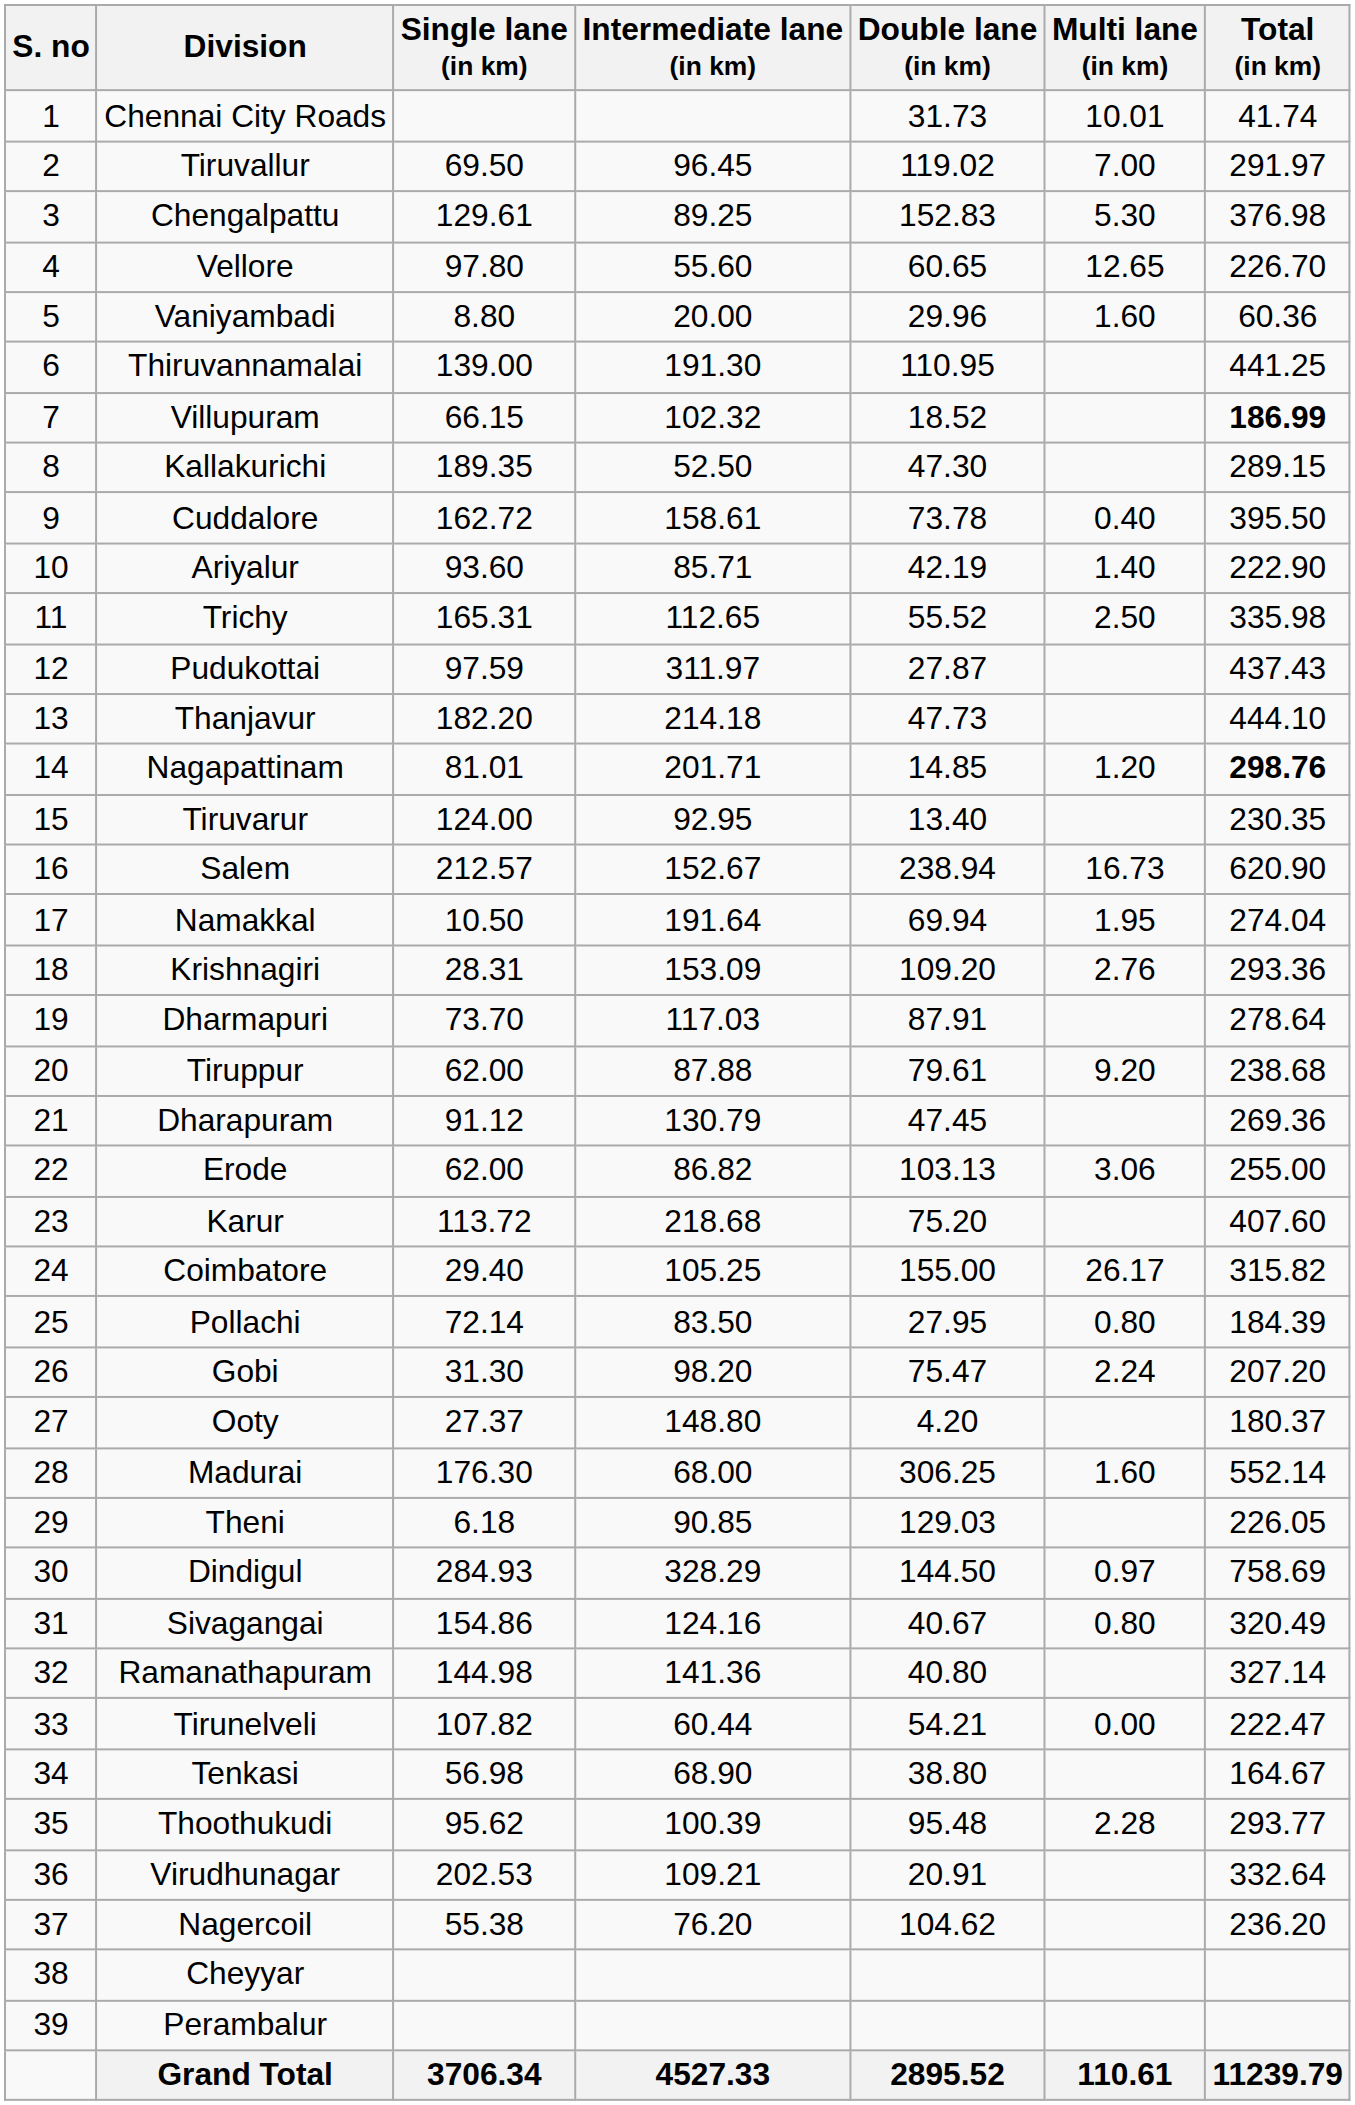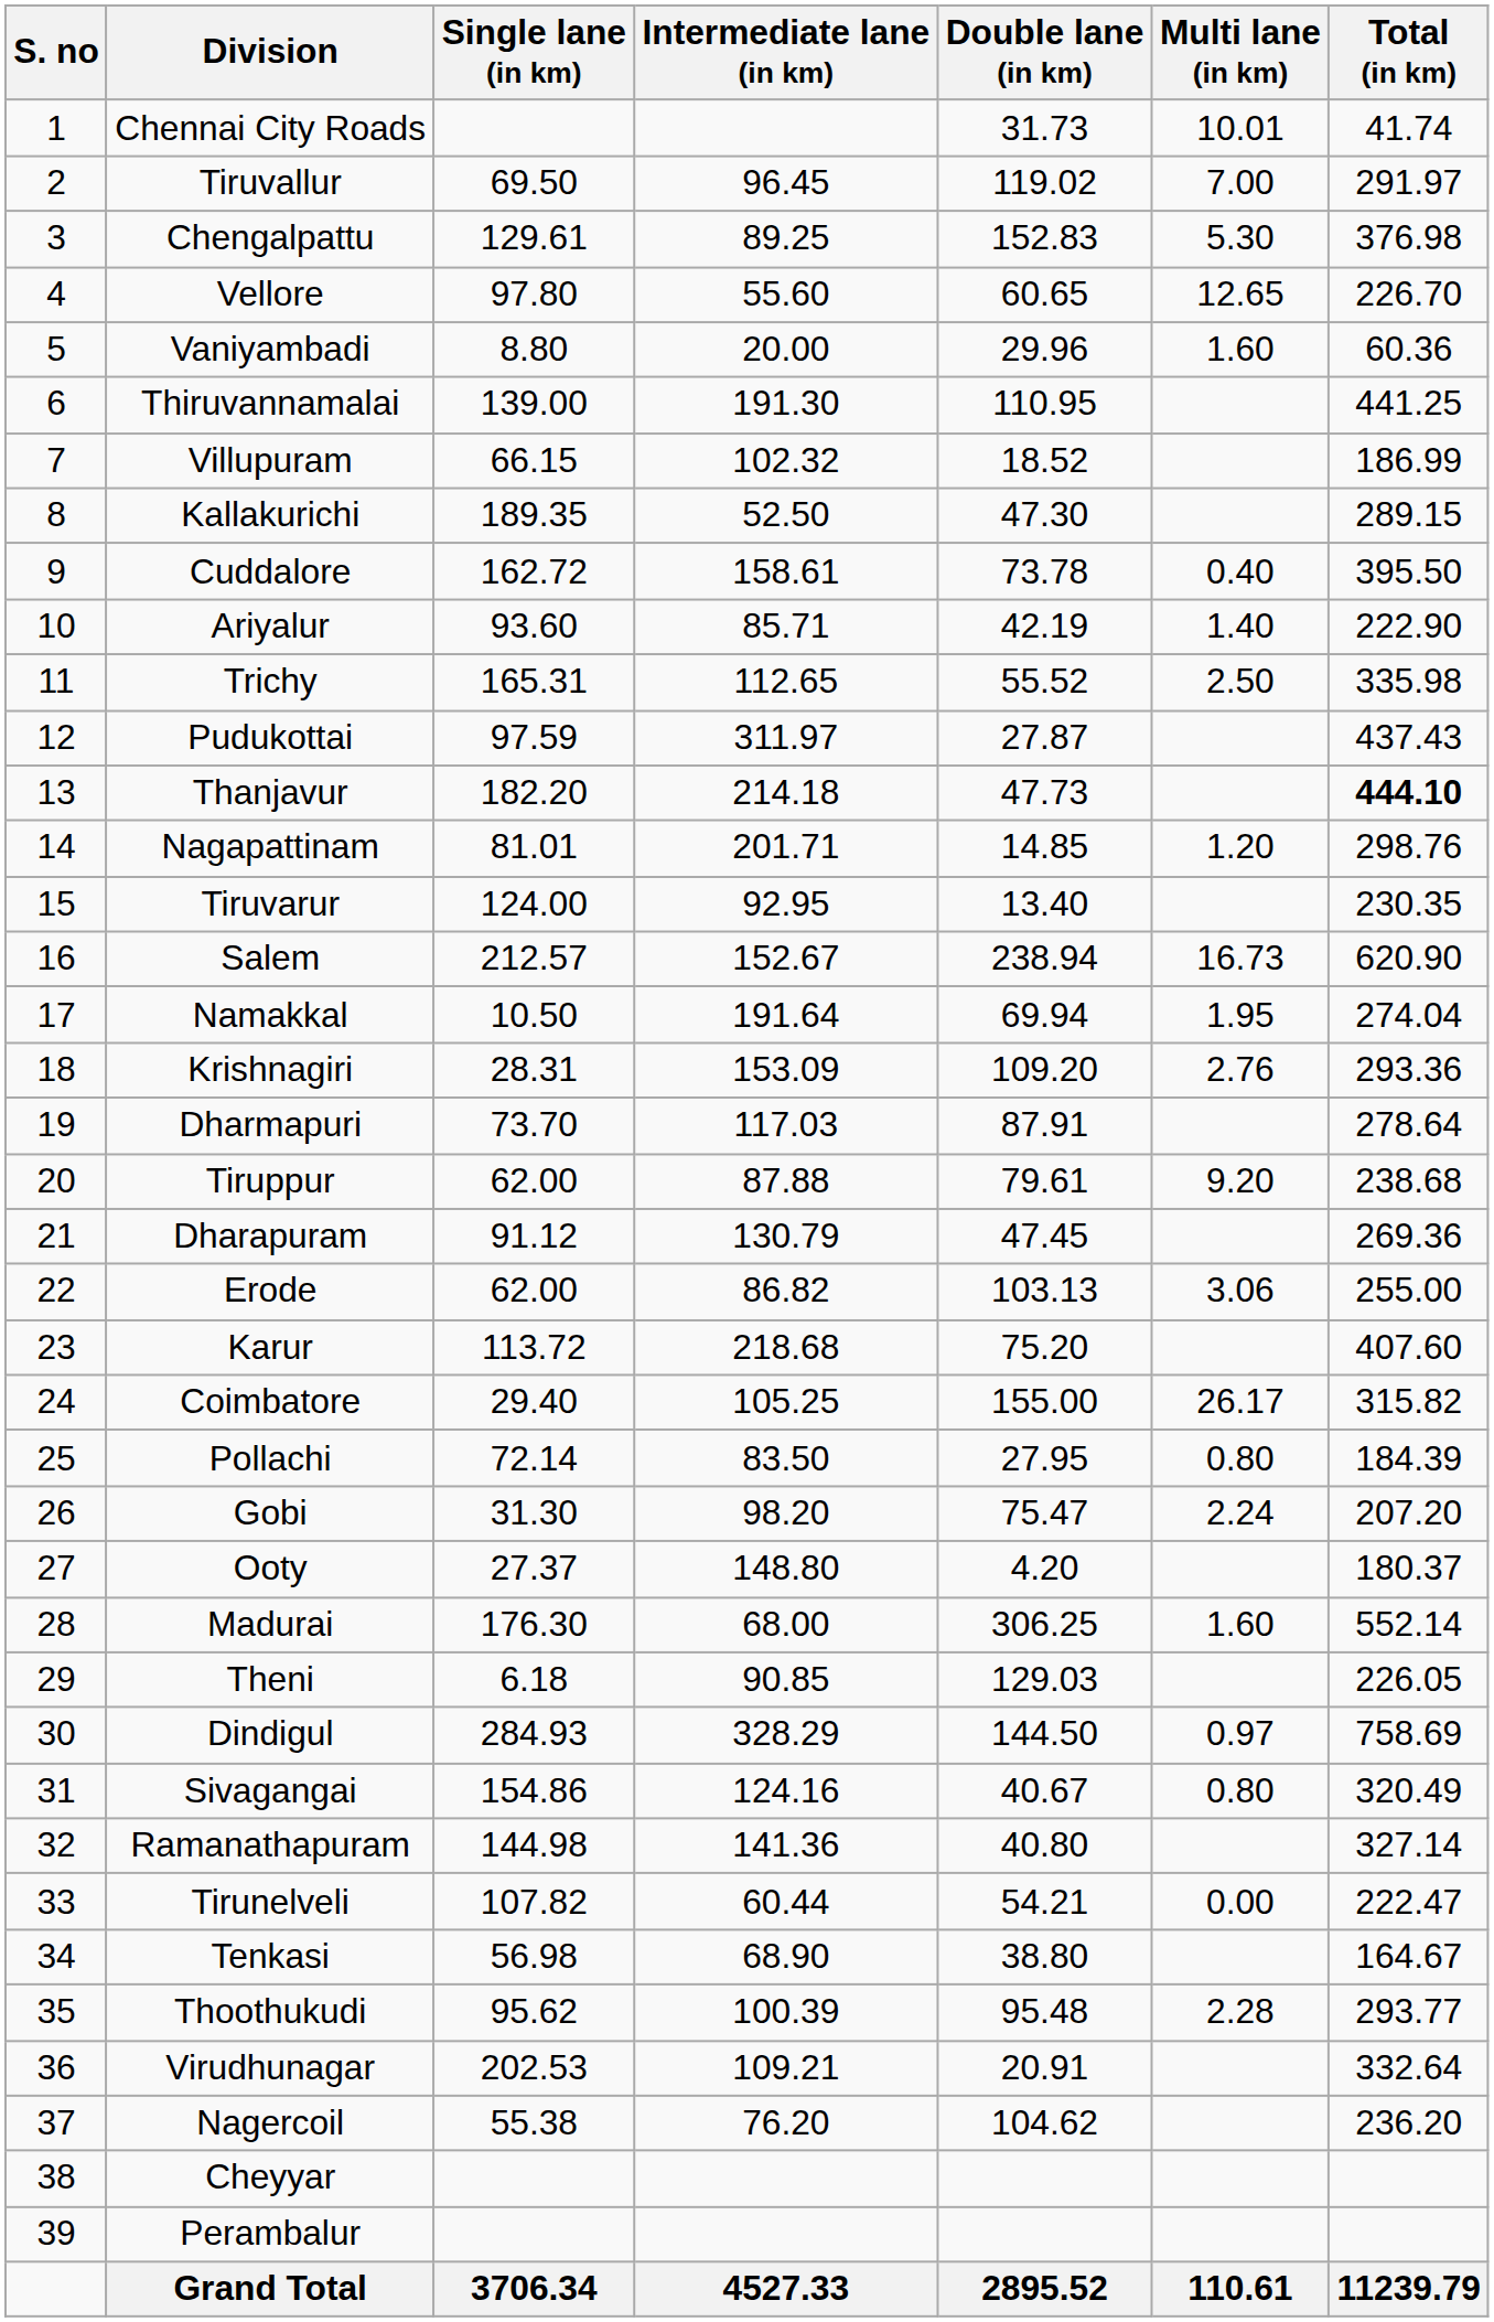 <table class="wikitable sortable" style="text-align: center; vertical-align: center;">
 <tr>
 <th>S. no</th>
 <th>Division</th>
 <th>Single lane <br> <small> (in km)</small></th>
 <th>Intermediate lane<br><small> (in km)</small></th>
 <th>Double lane<br> <small> (in km)</small></th>
 <th>Multi lane<br> <small> (in km)</small></th>
 <th>Total<br> <small> (in km)</small></th>
 </tr>
 <tr>
 <td>1</td>
 <td>Chennai City Roads</td>
 <td></td>
 <td></td>
 <td>31.73</td>
 <td>10.01</td>
 <td>41.74</td>
 </tr>
 <tr>
 <td>2</td>
 <td>Tiruvallur</td>
 <td>69.50</td>
 <td>96.45</td>
 <td>119.02</td>
 <td>7.00</td>
 <td>291.97</td>
 </tr>
 <tr>
 <td>3</td>
 <td>Chengalpattu</td>
 <td>129.61</td>
 <td>89.25</td>
 <td>152.83</td>
 <td>5.30</td>
 <td>376.98</td>
 </tr>
 <tr>
 <td>4</td>
 <td>Vellore</td>
 <td>97.80</td>
 <td>55.60</td>
 <td>60.65</td>
 <td>12.65</td>
 <td>226.70</td>
 </tr>
 <tr>
 <td>5</td>
 <td>Vaniyambadi</td>
 <td>8.80</td>
 <td>20.00</td>
 <td>29.96</td>
 <td>1.60</td>
 <td>60.36</td>
 </tr>
 <tr>
 <td>6</td>
 <td>Thiruvannamalai</td>
 <td>139.00</td>
 <td>191.30</td>
 <td>110.95</td>
 <td></td>
 <td>441.25</td>
 </tr>
 <tr>
 <td>7</td>
 <td>Villupuram</td>
 <td>66.15</td>
 <td>102.32</td>
 <td>18.52</td>
 <td></td>
-<td><strong>186.99</strong></td>
+<td>186.99</td>
 </tr>
 <tr>
 <td>8</td>
 <td>Kallakurichi</td>
 <td>189.35</td>
 <td>52.50</td>
 <td>47.30</td>
 <td></td>
 <td>289.15</td>
 </tr>
 <tr>
 <td>9</td>
 <td>Cuddalore</td>
 <td>162.72</td>
 <td>158.61</td>
 <td>73.78</td>
 <td>0.40</td>
 <td>395.50</td>
 </tr>
 <tr>
 <td>10</td>
 <td>Ariyalur</td>
 <td>93.60</td>
 <td>85.71</td>
 <td>42.19</td>
 <td>1.40</td>
 <td>222.90</td>
 </tr>
 <tr>
 <td>11</td>
 <td>Trichy</td>
 <td>165.31</td>
 <td>112.65</td>
 <td>55.52</td>
 <td>2.50</td>
 <td>335.98</td>
 </tr>
 <tr>
 <td>12</td>
 <td>Pudukottai</td>
 <td>97.59</td>
 <td>311.97</td>
 <td>27.87</td>
 <td></td>
 <td>437.43</td>
 </tr>
 <tr>
 <td>13</td>
 <td>Thanjavur</td>
 <td>182.20</td>
 <td>214.18</td>
 <td>47.73</td>
 <td></td>
-<td>444.10</td>
+<td><strong>444.10</strong></td>
 </tr>
 <tr>
 <td>14</td>
 <td>Nagapattinam</td>
 <td>81.01</td>
 <td>201.71</td>
 <td>14.85</td>
 <td>1.20</td>
-<td><strong>298.76</strong></td>
+<td>298.76</td>
 </tr>
 <tr>
 <td>15</td>
 <td>Tiruvarur</td>
 <td>124.00</td>
 <td>92.95</td>
 <td>13.40</td>
 <td></td>
 <td>230.35</td>
 </tr>
 <tr>
 <td>16</td>
 <td>Salem</td>
 <td>212.57</td>
 <td>152.67</td>
 <td>238.94</td>
 <td>16.73</td>
 <td>620.90</td>
 </tr>
 <tr>
 <td>17</td>
 <td>Namakkal</td>
 <td>10.50</td>
 <td>191.64</td>
 <td>69.94</td>
 <td>1.95</td>
 <td>274.04</td>
 </tr>
 <tr>
 <td>18</td>
 <td>Krishnagiri</td>
 <td>28.31</td>
 <td>153.09</td>
 <td>109.20</td>
 <td>2.76</td>
 <td>293.36</td>
 </tr>
 <tr>
 <td>19</td>
 <td>Dharmapuri</td>
 <td>73.70</td>
 <td>117.03</td>
 <td>87.91</td>
 <td></td>
 <td>278.64</td>
 </tr>
 <tr>
 <td>20</td>
 <td>Tiruppur</td>
 <td>62.00</td>
 <td>87.88</td>
 <td>79.61</td>
 <td>9.20</td>
 <td>238.68</td>
 </tr>
 <tr>
 <td>21</td>
 <td>Dharapuram</td>
 <td>91.12</td>
 <td>130.79</td>
 <td>47.45</td>
 <td></td>
 <td>269.36</td>
 </tr>
 <tr>
 <td>22</td>
 <td>Erode</td>
 <td>62.00</td>
 <td>86.82</td>
 <td>103.13</td>
 <td>3.06</td>
 <td>255.00</td>
 </tr>
 <tr>
 <td>23</td>
 <td>Karur</td>
 <td>113.72</td>
 <td>218.68</td>
 <td>75.20</td>
 <td></td>
 <td>407.60</td>
 </tr>
 <tr>
 <td>24</td>
 <td>Coimbatore</td>
 <td>29.40</td>
 <td>105.25</td>
 <td>155.00</td>
 <td>26.17</td>
 <td>315.82</td>
 </tr>
 <tr>
 <td>25</td>
 <td>Pollachi</td>
 <td>72.14</td>
 <td>83.50</td>
 <td>27.95</td>
 <td>0.80</td>
 <td>184.39</td>
 </tr>
 <tr>
 <td>26</td>
 <td>Gobi</td>
 <td>31.30</td>
 <td>98.20</td>
 <td>75.47</td>
 <td>2.24</td>
 <td>207.20</td>
 </tr>
 <tr>
 <td>27</td>
 <td>Ooty</td>
 <td>27.37</td>
 <td>148.80</td>
 <td>4.20</td>
 <td></td>
 <td>180.37</td>
 </tr>
 <tr>
 <td>28</td>
 <td>Madurai</td>
 <td>176.30</td>
 <td>68.00</td>
 <td>306.25</td>
 <td>1.60</td>
 <td>552.14</td>
 </tr>
 <tr>
 <td>29</td>
 <td>Theni</td>
 <td>6.18</td>
 <td>90.85</td>
 <td>129.03</td>
 <td></td>
 <td>226.05</td>
 </tr>
 <tr>
 <td>30</td>
 <td>Dindigul</td>
 <td>284.93</td>
 <td>328.29</td>
 <td>144.50</td>
 <td>0.97</td>
 <td>758.69</td>
 </tr>
 <tr>
 <td>31</td>
 <td>Sivagangai</td>
 <td>154.86</td>
 <td>124.16</td>
 <td>40.67</td>
 <td>0.80</td>
 <td>320.49</td>
 </tr>
 <tr>
 <td>32</td>
 <td>Ramanathapuram</td>
 <td>144.98</td>
 <td>141.36</td>
 <td>40.80</td>
 <td></td>
 <td>327.14</td>
 </tr>
 <tr>
 <td>33</td>
 <td>Tirunelveli</td>
 <td>107.82</td>
 <td>60.44</td>
 <td>54.21</td>
 <td>0.00</td>
 <td>222.47</td>
 </tr>
 <tr>
 <td>34</td>
 <td>Tenkasi</td>
 <td>56.98</td>
 <td>68.90</td>
 <td>38.80</td>
 <td></td>
 <td>164.67</td>
 </tr>
 <tr>
 <td>35</td>
 <td>Thoothukudi</td>
 <td>95.62</td>
 <td>100.39</td>
 <td>95.48</td>
 <td>2.28</td>
 <td>293.77</td>
 </tr>
 <tr>
 <td>36</td>
 <td>Virudhunagar</td>
 <td>202.53</td>
 <td>109.21</td>
 <td>20.91</td>
 <td></td>
 <td>332.64</td>
 </tr>
 <tr>
 <td>37</td>
 <td>Nagercoil</td>
 <td>55.38</td>
 <td>76.20</td>
 <td>104.62</td>
 <td></td>
 <td>236.20</td>
 </tr>
 <tr>
 <td>38</td>
 <td>Cheyyar</td>
 <td></td>
 <td></td>
 <td></td>
 <td></td>
 <td></td>
 </tr>
 <tr>
 <td>39</td>
 <td>Perambalur</td>
 <td></td>
 <td></td>
 <td></td>
 <td></td>
 <td></td>
 </tr>
 <tr>
 <td></td>
 <th>Grand Total</th>
 <th>3706.34</th>
 <th>4527.33</th>
 <th>2895.52</th>
 <th>110.61</th>
 <th>11239.79</th>
 </tr>
 </table>
